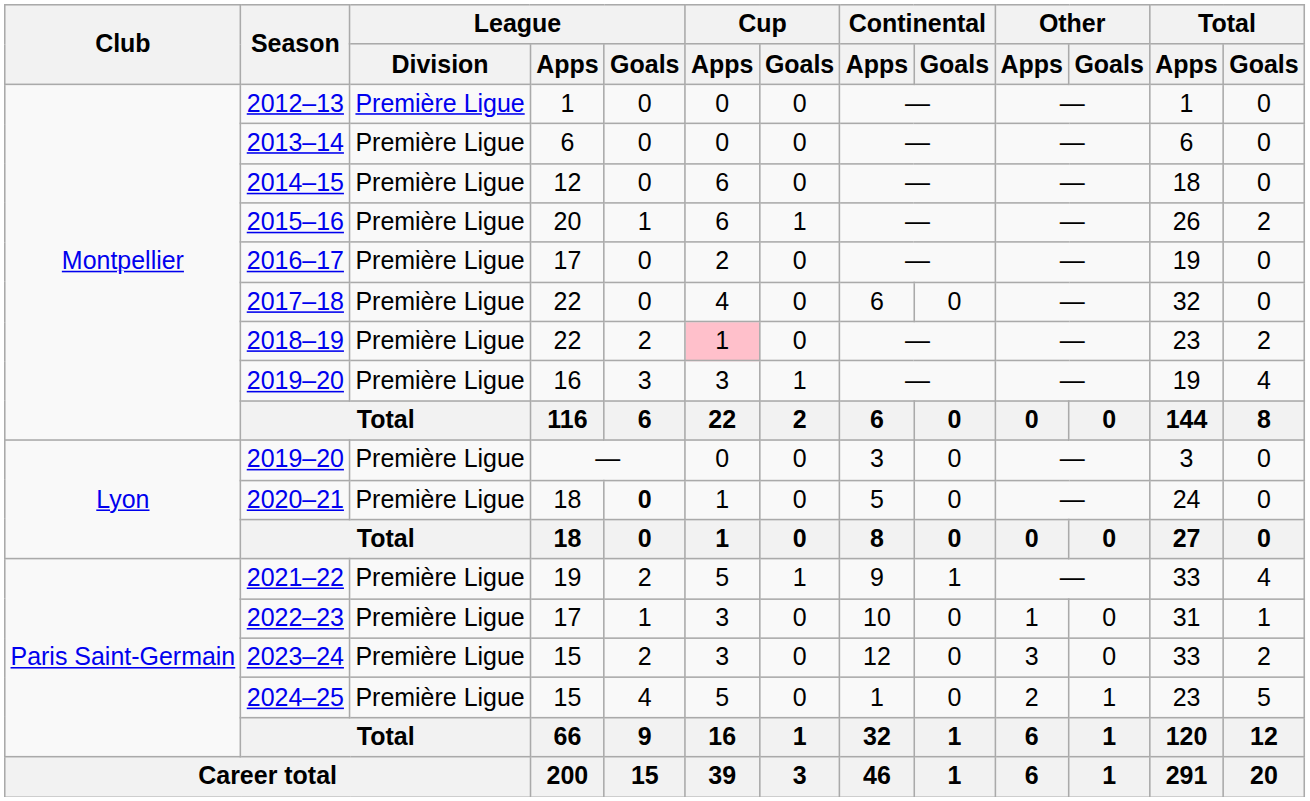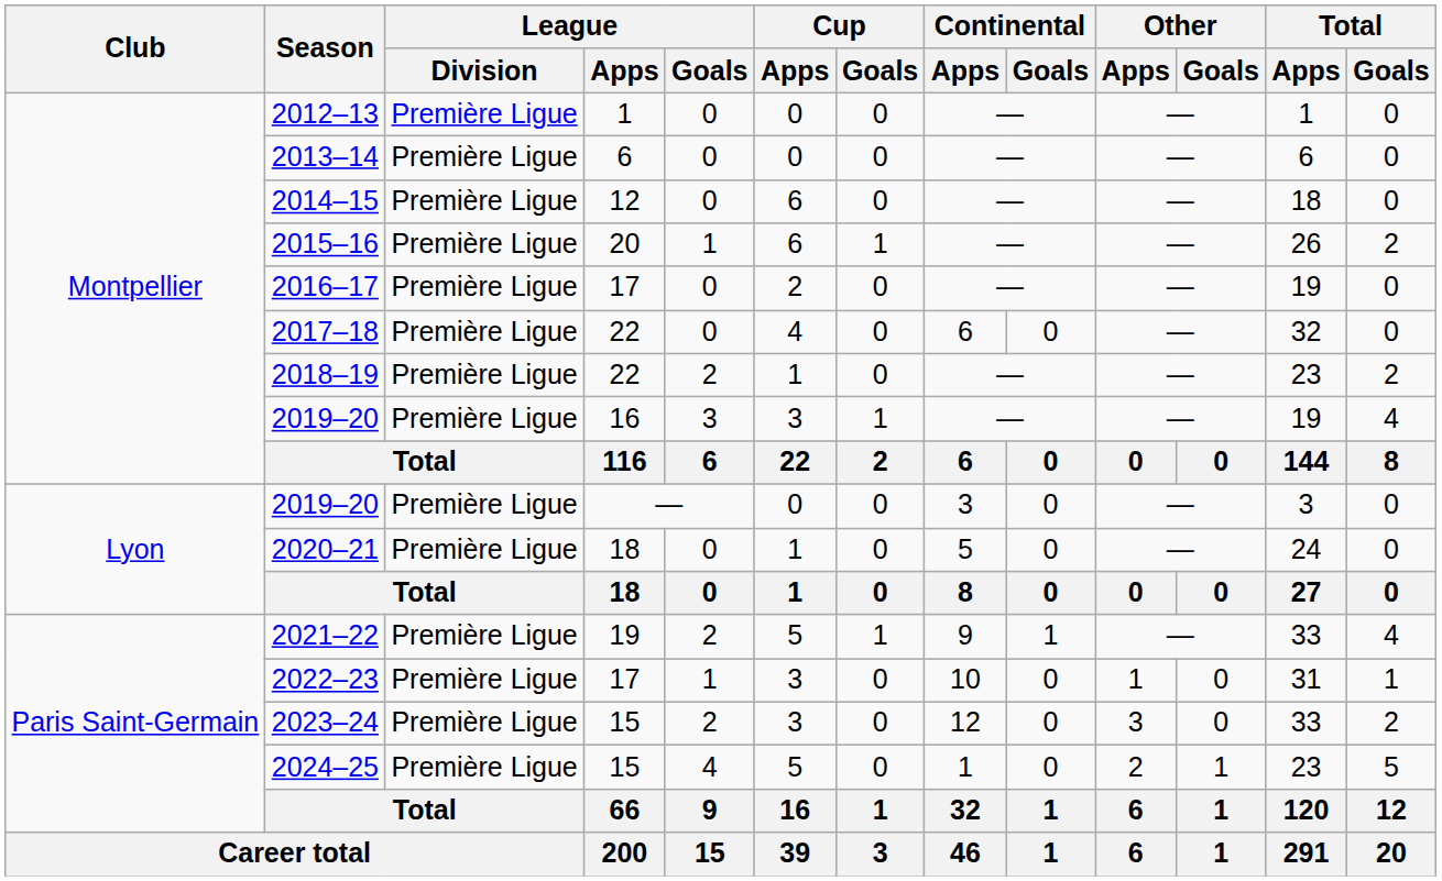 <table class="wikitable" style="text-align: center;">
 <tr>
 <th rowspan="2">Club</th>
 <th rowspan="2">Season</th>
 <th colspan="3">League</th>
 <th colspan="2">Cup</th>
 <th colspan="2">Continental</th>
 <th colspan="2">Other</th>
 <th colspan="2">Total</th>
 </tr>
 <tr>
 <th>Division</th>
 <th>Apps</th>
 <th>Goals</th>
 <th>Apps</th>
 <th>Goals</th>
 <th>Apps</th>
 <th>Goals</th>
 <th>Apps</th>
 <th>Goals</th>
 <th>Apps</th>
 <th>Goals</th>
 </tr>
 <tr>
 <td rowspan="9"><a href='#'>Montpellier</a></td>
 <td><a href='#'>2012–13</a></td>
 <td><a href='#'>Première Ligue</a></td>
 <td>1</td>
 <td>0</td>
 <td>0</td>
 <td>0</td>
 <td colspan="2">—</td>
 <td colspan="2">—</td>
 <td>1</td>
 <td>0</td>
 </tr>
 <tr>
 <td><a href='#'>2013–14</a></td>
 <td>Première Ligue</td>
 <td>6</td>
 <td>0</td>
 <td>0</td>
 <td>0</td>
 <td colspan="2">—</td>
 <td colspan="2">—</td>
 <td>6</td>
 <td>0</td>
 </tr>
 <tr>
 <td><a href='#'>2014–15</a></td>
 <td>Première Ligue</td>
 <td>12</td>
 <td>0</td>
 <td>6</td>
 <td>0</td>
 <td colspan="2">—</td>
 <td colspan="2">—</td>
 <td>18</td>
 <td>0</td>
 </tr>
 <tr>
 <td><a href='#'>2015–16</a></td>
 <td>Première Ligue</td>
 <td>20</td>
 <td>1</td>
 <td>6</td>
 <td>1</td>
 <td colspan="2">—</td>
 <td colspan="2">—</td>
 <td>26</td>
 <td>2</td>
 </tr>
 <tr>
 <td><a href='#'>2016–17</a></td>
 <td>Première Ligue</td>
 <td>17</td>
 <td>0</td>
 <td>2</td>
 <td>0</td>
 <td colspan="2">—</td>
 <td colspan="2">—</td>
 <td>19</td>
 <td>0</td>
 </tr>
 <tr>
 <td><a href='#'>2017–18</a></td>
 <td>Première Ligue</td>
 <td>22</td>
 <td>0</td>
 <td>4</td>
 <td>0</td>
 <td>6</td>
 <td>0</td>
 <td colspan="2">—</td>
 <td>32</td>
 <td>0</td>
 </tr>
 <tr>
 <td><a href='#'>2018–19</a></td>
 <td>Première Ligue</td>
 <td>22</td>
 <td>2</td>
-<td style="background: pink;">1</td>
+<td>1</td>
 <td>0</td>
 <td colspan="2">—</td>
 <td colspan="2">—</td>
 <td>23</td>
 <td>2</td>
 </tr>
 <tr>
 <td><a href='#'>2019–20</a></td>
 <td>Première Ligue</td>
 <td>16</td>
 <td>3</td>
 <td>3</td>
 <td>1</td>
 <td colspan="2">—</td>
 <td colspan="2">—</td>
 <td>19</td>
 <td>4</td>
 </tr>
 <tr>
 <th colspan="2">Total</th>
 <th>116</th>
 <th>6</th>
 <th>22</th>
 <th>2</th>
 <th>6</th>
 <th>0</th>
 <th>0</th>
 <th>0</th>
 <th>144</th>
 <th>8</th>
 </tr>
 <tr>
 <td rowspan="3"><a href='#'>Lyon</a></td>
 <td><a href='#'>2019–20</a></td>
 <td>Première Ligue</td>
 <td colspan="2">—</td>
 <td>0</td>
 <td>0</td>
 <td>3</td>
 <td>0</td>
 <td colspan="2">—</td>
 <td>3</td>
 <td>0</td>
 </tr>
 <tr>
 <td><a href='#'>2020–21</a></td>
 <td>Première Ligue</td>
 <td>18</td>
-<td><strong>0</strong></td>
+<td>0</td>
 <td>1</td>
 <td>0</td>
 <td>5</td>
 <td>0</td>
 <td colspan="2">—</td>
 <td>24</td>
 <td>0</td>
 </tr>
 <tr>
 <th colspan="2">Total</th>
 <th>18</th>
 <th>0</th>
 <th>1</th>
 <th>0</th>
 <th>8</th>
 <th>0</th>
 <th>0</th>
 <th>0</th>
 <th>27</th>
 <th>0</th>
 </tr>
 <tr>
 <td rowspan="5"><a href='#'>Paris Saint-Germain</a></td>
 <td><a href='#'>2021–22</a></td>
 <td>Première Ligue</td>
 <td>19</td>
 <td>2</td>
 <td>5</td>
 <td>1</td>
 <td>9</td>
 <td>1</td>
 <td colspan="2">—</td>
 <td>33</td>
 <td>4</td>
 </tr>
 <tr>
 <td><a href='#'>2022–23</a></td>
 <td>Première Ligue</td>
 <td>17</td>
 <td>1</td>
 <td>3</td>
 <td>0</td>
 <td>10</td>
 <td>0</td>
 <td>1</td>
 <td>0</td>
 <td>31</td>
 <td>1</td>
 </tr>
 <tr>
 <td><a href='#'>2023–24</a></td>
 <td>Première Ligue</td>
 <td>15</td>
 <td>2</td>
 <td>3</td>
 <td>0</td>
 <td>12</td>
 <td>0</td>
 <td>3</td>
 <td>0</td>
 <td>33</td>
 <td>2</td>
 </tr>
 <tr>
 <td><a href='#'>2024–25</a></td>
 <td>Première Ligue</td>
 <td>15</td>
 <td>4</td>
 <td>5</td>
 <td>0</td>
 <td>1</td>
 <td>0</td>
 <td>2</td>
 <td>1</td>
 <td>23</td>
 <td>5</td>
 </tr>
 <tr>
 <th colspan="2">Total</th>
 <th>66</th>
 <th>9</th>
 <th>16</th>
 <th>1</th>
 <th>32</th>
 <th>1</th>
 <th>6</th>
 <th>1</th>
 <th>120</th>
 <th>12</th>
 </tr>
 <tr>
 <th colspan="3">Career total</th>
 <th>200</th>
 <th>15</th>
 <th>39</th>
 <th>3</th>
 <th>46</th>
 <th>1</th>
 <th>6</th>
 <th>1</th>
 <th>291</th>
 <th>20</th>
 </tr>
 </table>
